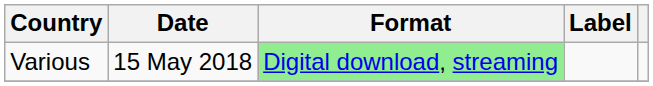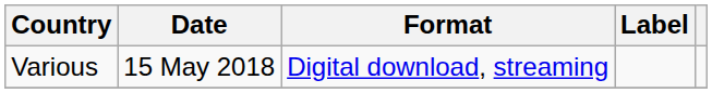 <table class="wikitable">
 <tr>
 <th>Country</th>
 <th>Date</th>
 <th>Format</th>
 <th>Label</th>
 <th></th>
 </tr>
 <tr>
 <td rowspan="1">Various</td>
 <td>15 May 2018</td>
-<td rowspan="1" style="background: lightgreen;"><a href='#'>Digital download</a>, <a href='#'>streaming</a></td>
+<td rowspan="1"><a href='#'>Digital download</a>, <a href='#'>streaming</a></td>
 <td rowspan="1"></td>
 <td></td>
 </tr>
 <tr>
 </tr>
 </table>
